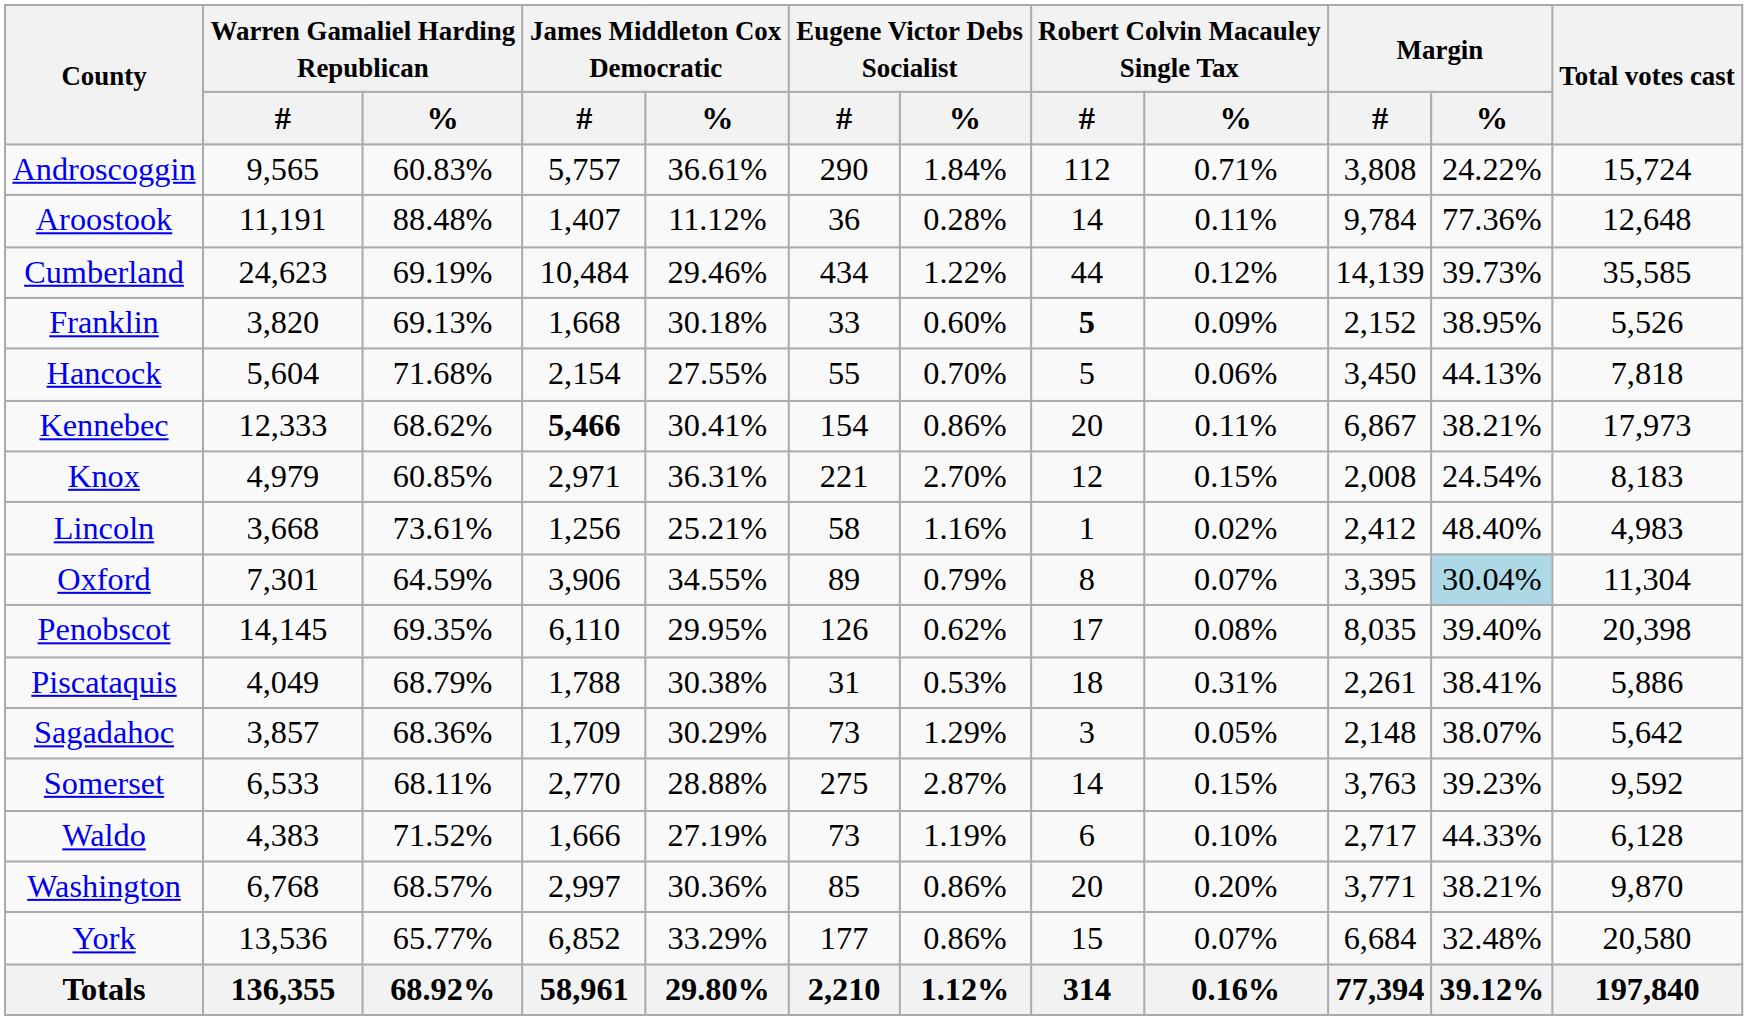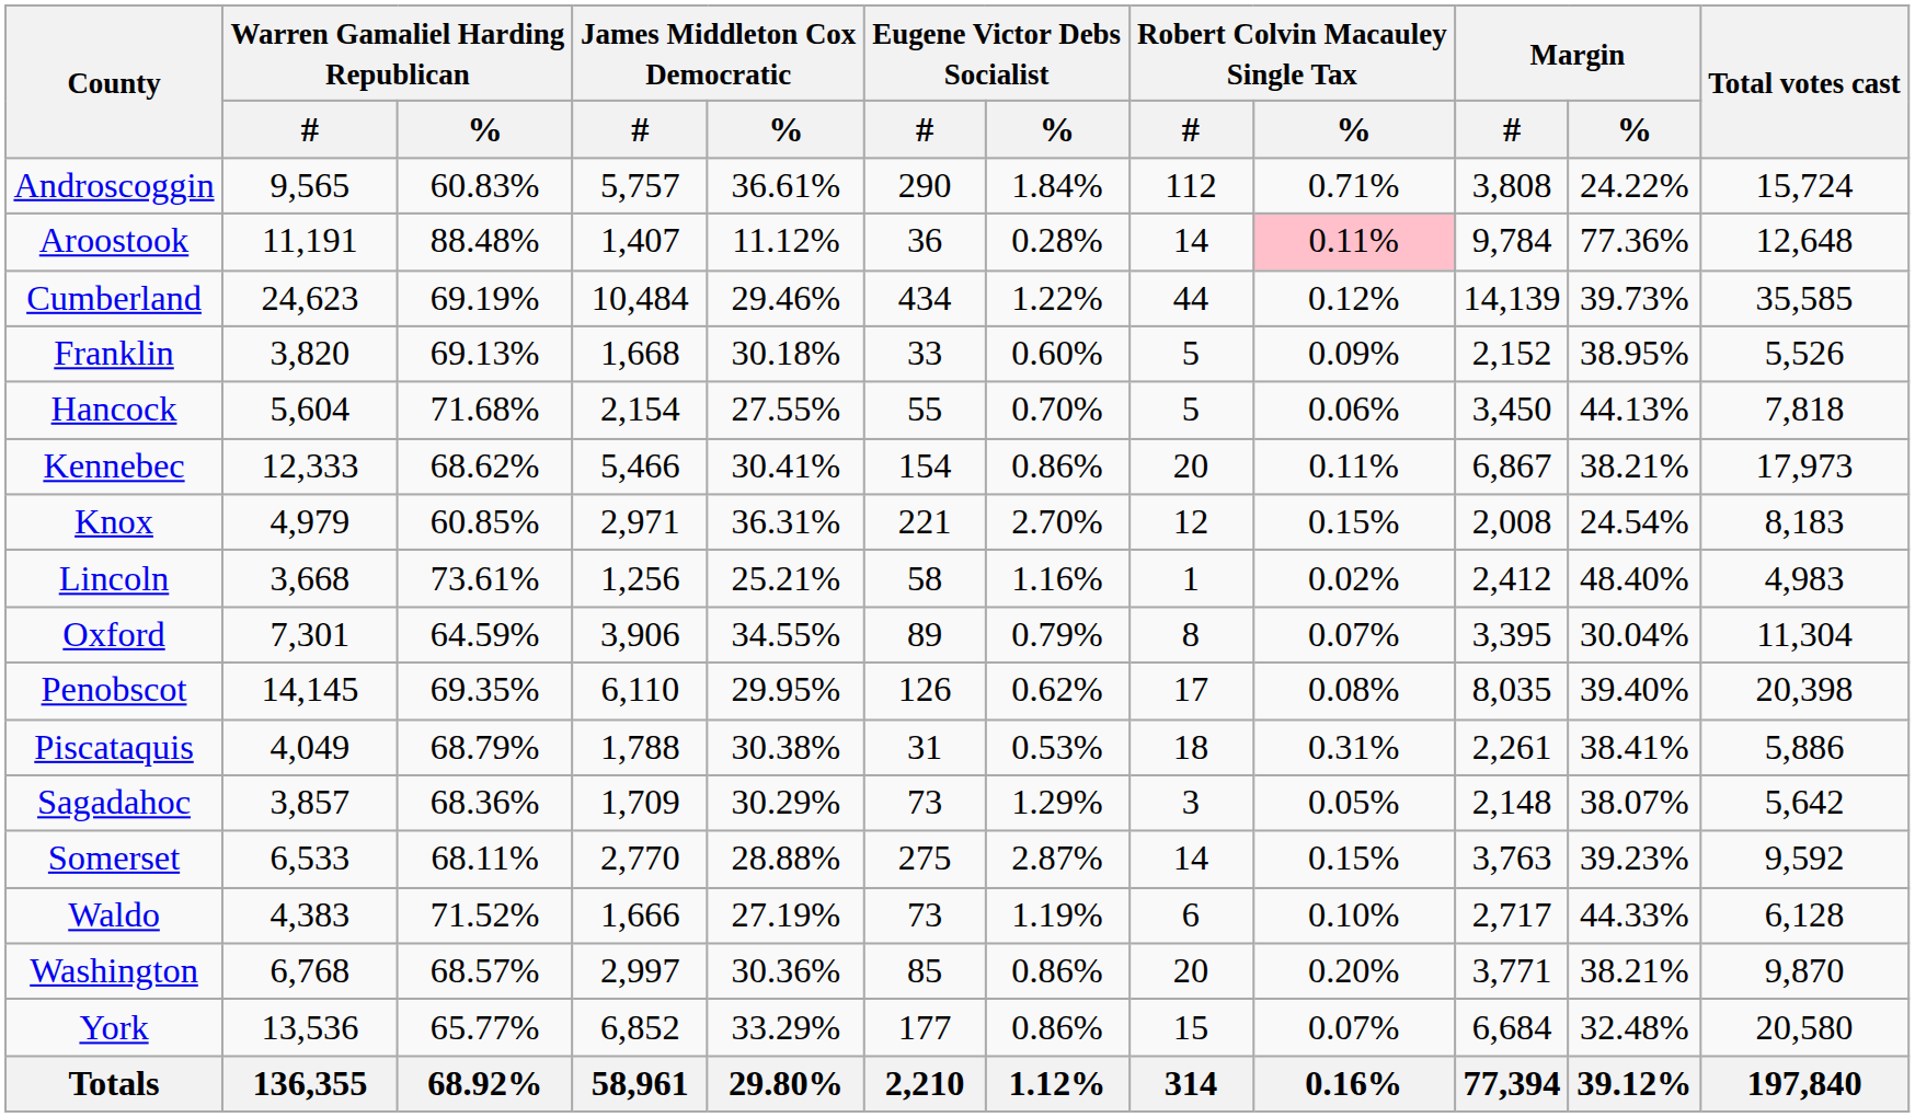 <table class="wikitable sortable">
 <tr>
 <th rowspan="2"><small>County</small></th>
 <th colspan="2"><small>Warren Gamaliel Harding<br>Republican</small></th>
 <th colspan="2"><small>James Middleton Cox<br>Democratic</small></th>
 <th colspan="2"><small>Eugene Victor Debs</small><br><small>Socialist</small></th>
 <th colspan="2"><small>Robert Colvin Macauley<br>Single Tax</small></th>
 <th colspan="2"><small>Margin</small></th>
 <th rowspan="2"><small>Total votes cast</small></th>
 </tr>
 <tr bgcolor="lightgrey">
 <th data-sort-type="number">#</th>
 <th data-sort-type="number">%</th>
 <th data-sort-type="number">#</th>
 <th data-sort-type="number">%</th>
 <th data-sort-type="number">#</th>
 <th data-sort-type="number">%</th>
 <th data-sort-type="number">#</th>
 <th data-sort-type="number">%</th>
 <th data-sort-type="number">#</th>
 <th data-sort-type="number">%</th>
 </tr>
 <tr style="text-align:center;">
 <td><a href='#'>Androscoggin</a></td>
 <td>9,565</td>
 <td>60.83%</td>
 <td>5,757</td>
 <td>36.61%</td>
 <td>290</td>
 <td>1.84%</td>
 <td>112</td>
 <td>0.71%</td>
 <td>3,808</td>
 <td>24.22%</td>
 <td>15,724</td>
 </tr>
 <tr style="text-align:center;">
 <td><a href='#'>Aroostook</a></td>
 <td>11,191</td>
 <td>88.48%</td>
 <td>1,407</td>
 <td>11.12%</td>
 <td>36</td>
 <td>0.28%</td>
 <td>14</td>
-<td>0.11%</td>
+<td style="background: pink;">0.11%</td>
 <td>9,784</td>
 <td>77.36%</td>
 <td>12,648</td>
 </tr>
 <tr style="text-align:center;">
 <td><a href='#'>Cumberland</a></td>
 <td>24,623</td>
 <td>69.19%</td>
 <td>10,484</td>
 <td>29.46%</td>
 <td>434</td>
 <td>1.22%</td>
 <td>44</td>
 <td>0.12%</td>
 <td>14,139</td>
 <td>39.73%</td>
 <td>35,585</td>
 </tr>
 <tr style="text-align:center;">
 <td><a href='#'>Franklin</a></td>
 <td>3,820</td>
 <td>69.13%</td>
 <td>1,668</td>
 <td>30.18%</td>
 <td>33</td>
 <td>0.60%</td>
-<td><strong>5</strong></td>
+<td>5</td>
 <td>0.09%</td>
 <td>2,152</td>
 <td>38.95%</td>
 <td>5,526</td>
 </tr>
 <tr style="text-align:center;">
 <td><a href='#'>Hancock</a></td>
 <td>5,604</td>
 <td>71.68%</td>
 <td>2,154</td>
 <td>27.55%</td>
 <td>55</td>
 <td>0.70%</td>
 <td>5</td>
 <td>0.06%</td>
 <td>3,450</td>
 <td>44.13%</td>
 <td>7,818</td>
 </tr>
 <tr style="text-align:center;">
 <td><a href='#'>Kennebec</a></td>
 <td>12,333</td>
 <td>68.62%</td>
-<td><strong>5,466</strong></td>
+<td>5,466</td>
 <td>30.41%</td>
 <td>154</td>
 <td>0.86%</td>
 <td>20</td>
 <td>0.11%</td>
 <td>6,867</td>
 <td>38.21%</td>
 <td>17,973</td>
 </tr>
 <tr style="text-align:center;">
 <td><a href='#'>Knox</a></td>
 <td>4,979</td>
 <td>60.85%</td>
 <td>2,971</td>
 <td>36.31%</td>
 <td>221</td>
 <td>2.70%</td>
 <td>12</td>
 <td>0.15%</td>
 <td>2,008</td>
 <td>24.54%</td>
 <td>8,183</td>
 </tr>
 <tr style="text-align:center;">
 <td><a href='#'>Lincoln</a></td>
 <td>3,668</td>
 <td>73.61%</td>
 <td>1,256</td>
 <td>25.21%</td>
 <td>58</td>
 <td>1.16%</td>
 <td>1</td>
 <td>0.02%</td>
 <td>2,412</td>
 <td>48.40%</td>
 <td>4,983</td>
 </tr>
 <tr style="text-align:center;">
 <td><a href='#'>Oxford</a></td>
 <td>7,301</td>
 <td>64.59%</td>
 <td>3,906</td>
 <td>34.55%</td>
 <td>89</td>
 <td>0.79%</td>
 <td>8</td>
 <td>0.07%</td>
 <td>3,395</td>
-<td style="background: lightblue;">30.04%</td>
+<td>30.04%</td>
 <td>11,304</td>
 </tr>
 <tr style="text-align:center;">
 <td><a href='#'>Penobscot</a></td>
 <td>14,145</td>
 <td>69.35%</td>
 <td>6,110</td>
 <td>29.95%</td>
 <td>126</td>
 <td>0.62%</td>
 <td>17</td>
 <td>0.08%</td>
 <td>8,035</td>
 <td>39.40%</td>
 <td>20,398</td>
 </tr>
 <tr style="text-align:center;">
 <td><a href='#'>Piscataquis</a></td>
 <td>4,049</td>
 <td>68.79%</td>
 <td>1,788</td>
 <td>30.38%</td>
 <td>31</td>
 <td>0.53%</td>
 <td>18</td>
 <td>0.31%</td>
 <td>2,261</td>
 <td>38.41%</td>
 <td>5,886</td>
 </tr>
 <tr style="text-align:center;">
 <td><a href='#'>Sagadahoc</a></td>
 <td>3,857</td>
 <td>68.36%</td>
 <td>1,709</td>
 <td>30.29%</td>
 <td>73</td>
 <td>1.29%</td>
 <td>3</td>
 <td>0.05%</td>
 <td>2,148</td>
 <td>38.07%</td>
 <td>5,642</td>
 </tr>
 <tr style="text-align:center;">
 <td><a href='#'>Somerset</a></td>
 <td>6,533</td>
 <td>68.11%</td>
 <td>2,770</td>
 <td>28.88%</td>
 <td>275</td>
 <td>2.87%</td>
 <td>14</td>
 <td>0.15%</td>
 <td>3,763</td>
 <td>39.23%</td>
 <td>9,592</td>
 </tr>
 <tr style="text-align:center;">
 <td><a href='#'>Waldo</a></td>
 <td>4,383</td>
 <td>71.52%</td>
 <td>1,666</td>
 <td>27.19%</td>
 <td>73</td>
 <td>1.19%</td>
 <td>6</td>
 <td>0.10%</td>
 <td>2,717</td>
 <td>44.33%</td>
 <td>6,128</td>
 </tr>
 <tr style="text-align:center;">
 <td><a href='#'>Washington</a></td>
 <td>6,768</td>
 <td>68.57%</td>
 <td>2,997</td>
 <td>30.36%</td>
 <td>85</td>
 <td>0.86%</td>
 <td>20</td>
 <td>0.20%</td>
 <td>3,771</td>
 <td>38.21%</td>
 <td>9,870</td>
 </tr>
 <tr style="text-align:center;">
 <td><a href='#'>York</a></td>
 <td>13,536</td>
 <td>65.77%</td>
 <td>6,852</td>
 <td>33.29%</td>
 <td>177</td>
 <td>0.86%</td>
 <td>15</td>
 <td>0.07%</td>
 <td>6,684</td>
 <td>32.48%</td>
 <td>20,580</td>
 </tr>
 <tr style="text-align:center;">
 <th>Totals</th>
 <th>136,355</th>
 <th>68.92%</th>
 <th>58,961</th>
 <th>29.80%</th>
 <th>2,210</th>
 <th>1.12%</th>
 <th>314</th>
 <th>0.16%</th>
 <th>77,394</th>
 <th>39.12%</th>
 <th>197,840</th>
 </tr>
 </table>
